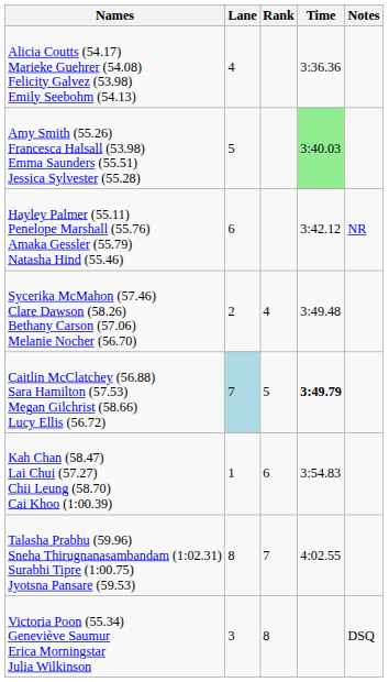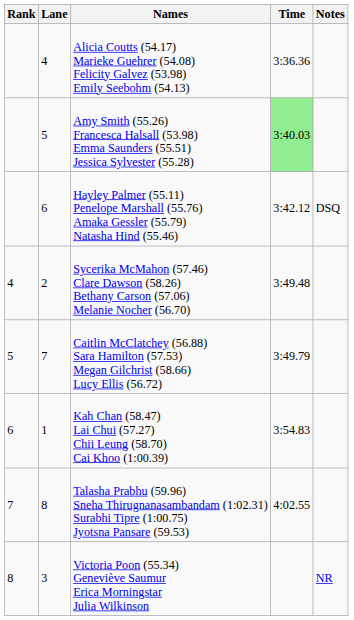 <table class="wikitable">
 <tr>
+<th>Rank</th>
+<th>Lane</th>
 <th>Names</th>
-<th>Lane</th>
-<th>Rank</th>
 <th>Time</th>
 <th>Notes</th>
 </tr>
 <tr>
+<td></td>
+<td>4</td>
 <td><br><a href='#'>Alicia Coutts</a> (54.17)<br><a href='#'>Marieke Guehrer</a> (54.08)<br><a href='#'>Felicity Galvez</a> (53.98)<br><a href='#'>Emily Seebohm</a> (54.13)</td>
-<td>4</td>
-<td></td>
 <td>3:36.36</td>
 <td></td>
 </tr>
 <tr>
+<td></td>
+<td>5</td>
 <td><br><a href='#'>Amy Smith</a> (55.26)<br><a href='#'>Francesca Halsall</a> (53.98)<br><a href='#'>Emma Saunders</a> (55.51)<br><a href='#'>Jessica Sylvester</a> (55.28)</td>
-<td>5</td>
-<td></td>
 <td style="background: lightgreen;">3:40.03</td>
 <td></td>
 </tr>
 <tr>
+<td></td>
+<td>6</td>
 <td><br><a href='#'>Hayley Palmer</a> (55.11)<br><a href='#'>Penelope Marshall</a> (55.76)<br><a href='#'>Amaka Gessler</a> (55.79)<br><a href='#'>Natasha Hind</a> (55.46)</td>
-<td>6</td>
-<td></td>
 <td>3:42.12</td>
-<td><a href='#'>NR</a></td>
+<td>DSQ</td>
 </tr>
 <tr>
+<td>4</td>
+<td>2</td>
 <td><br><a href='#'>Sycerika McMahon</a> (57.46)<br><a href='#'>Clare Dawson</a> (58.26)<br><a href='#'>Bethany Carson</a> (57.06)<br><a href='#'>Melanie Nocher</a> (56.70)</td>
-<td>2</td>
-<td>4</td>
 <td>3:49.48</td>
 <td></td>
 </tr>
 <tr>
+<td>5</td>
+<td>7</td>
 <td><br><a href='#'>Caitlin McClatchey</a> (56.88)<br><a href='#'>Sara Hamilton</a> (57.53)<br><a href='#'>Megan Gilchrist</a> (58.66)<br><a href='#'>Lucy Ellis</a> (56.72)</td>
-<td style="background: lightblue;">7</td>
-<td>5</td>
-<td><strong>3:49.79</strong></td>
+<td>3:49.79</td>
 <td></td>
 </tr>
 <tr>
+<td>6</td>
+<td>1</td>
 <td><br><a href='#'>Kah Chan</a> (58.47)<br><a href='#'>Lai Chui</a> (57.27)<br><a href='#'>Chii Leung</a> (58.70)<br><a href='#'>Cai Khoo</a> (1:00.39)</td>
-<td>1</td>
-<td>6</td>
 <td>3:54.83</td>
 <td></td>
 </tr>
 <tr>
+<td>7</td>
+<td>8</td>
 <td><br><a href='#'>Talasha Prabhu</a> (59.96)<br><a href='#'>Sneha Thirugnanasambandam</a> (1:02.31)<br><a href='#'>Surabhi Tipre</a> (1:00.75)<br><a href='#'>Jyotsna Pansare</a> (59.53)</td>
-<td>8</td>
-<td>7</td>
 <td>4:02.55</td>
 <td></td>
 </tr>
 <tr>
+<td>8</td>
+<td>3</td>
 <td><br><a href='#'>Victoria Poon</a> (55.34)<br><a href='#'>Geneviève Saumur</a><br><a href='#'>Erica Morningstar</a><br><a href='#'>Julia Wilkinson</a></td>
-<td>3</td>
-<td>8</td>
 <td></td>
-<td>DSQ</td>
+<td><a href='#'>NR</a></td>
 </tr>
 </table>
